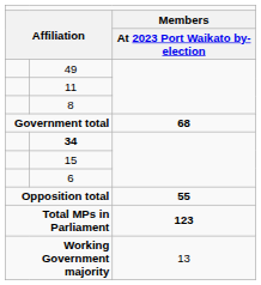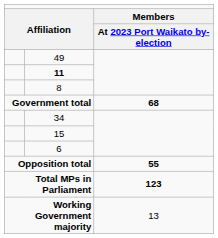 <table class="wikitable" border="1" style="font-size:95%; width:250pt; text-align:center">
 <tr>
 <td colspan="3"></td>
 </tr>
 <tr>
 <th colspan="2" rowspan="2" style="text-align:center;vertical-align:middle; ">Affiliation</th>
 <th style="vertical-align:top;">Members</th>
 </tr>
 <tr>
 <th>At <a href='#'>2023 Port Waikato by-election</a></th>
 </tr>
 <tr>
 <td></td>
 <td>49</td>
 </tr>
 <tr>
 <td></td>
-<td>11</td>
+<td><strong>11</strong></td>
 </tr>
 <tr>
 <td></td>
 <td>8</td>
 </tr>
 <tr>
 <td colspan="2" style="text-align:right; "><strong>Government total</strong></td>
 <td><strong>68</strong></td>
 </tr>
 <tr>
 <td></td>
-<td><strong>34</strong></td>
+<td>34</td>
 </tr>
 <tr>
 <td></td>
 <td>15</td>
 </tr>
 <tr>
 <td></td>
 <td>6</td>
 </tr>
 <tr>
 <td colspan="2" style="text-align:right; "><strong>Opposition total</strong></td>
 <td><strong>55</strong></td>
 </tr>
 <tr>
 <td colspan="2" style="text-align:right; "><strong>Total MPs in<br>Parliament</strong></td>
 <td><strong>123</strong></td>
 </tr>
 <tr>
 <td colspan="2" style="text-align:right; "><strong>Working Government<br>majority</strong></td>
 <td>13</td>
 </tr>
 </table>
